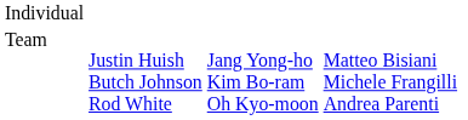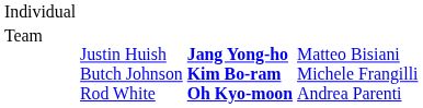 <table>
 <tr>
 <td>Individual<br></td>
 <td></td>
 <td></td>
 <td></td>
 </tr>
 <tr valign="top">
 <td>Team<br></td>
 <td><br><a href='#'>Justin Huish</a><br><a href='#'>Butch Johnson</a><br><a href='#'>Rod White</a></td>
-<td><br><a href='#'>Jang Yong-ho</a><br><a href='#'>Kim Bo-ram</a><br><a href='#'>Oh Kyo-moon</a></td>
+<td><strong><br><a href='#'>Jang Yong-ho</a><br><a href='#'>Kim Bo-ram</a><br><a href='#'>Oh Kyo-moon</a></strong></td>
 <td><br><a href='#'>Matteo Bisiani</a><br><a href='#'>Michele Frangilli</a><br><a href='#'>Andrea Parenti</a></td>
 </tr>
 </table>
